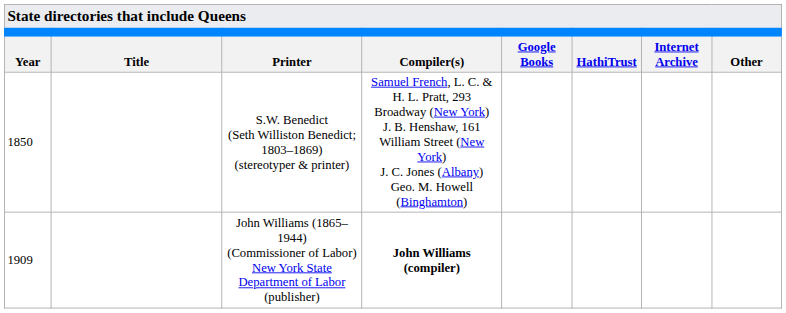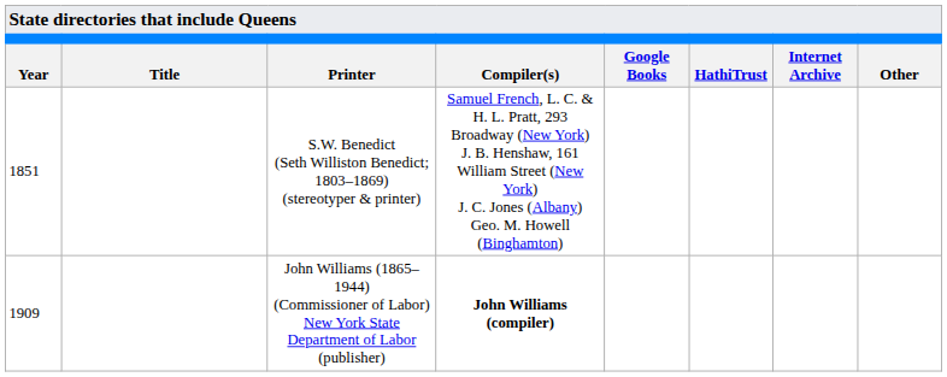 <table class="wikitable collapsible sortable static-row-numbers" cellpadding="1" style="color: black; background-color: #FFFFFF; font-size: 90%; width:100%">
 <tr class="static-row-header" style="text-align:center;vertical-align:bottom;">
 <th style="text-align:left; background:#eaecf0; border-style: solid; border-width: 0px 0px 0px 0px;" colspan=8><big><strong>State directories that include Queens</strong></big></th>
 </tr>
 <tr class="static-row-header" style="text-align:center;vertical-align:bottom;border-style: solid; border-color: #0085ff; border-width: 10px 0px 0px 0px;">
 <th>Year</th>
 <th>Title</th>
 <th>Printer</th>
 <th>Compiler(s)</th>
 <th><a href='#'>Google<br>Books</a></th>
 <th><a href='#'>HathiTrust</a></th>
 <th><a href='#'>Internet<br>Archive</a></th>
 <th>Other</th>
 </tr>
 <tr>
-<td width="6%;" data-sort-value="1850">1850</td>
+<td width="6%;" data-sort-value="1850">1851</td>
 <td width="22%" data-sort-value="new york mercantile 1850"></td>
 <td style="text-align:center" width="18%" data-sort-value="benedict 1850">S.W. Benedict<br>(Seth Williston Benedict; 1803–1869)<br>(stereotyper & printer)</td>
 <td style="text-align:center" width="18%" data-sort-value="french 1850"><a href='#'>Samuel French</a>, L. C. & H. L. Pratt, 293 Broadway (<a href='#'>New York</a>)<br>J. B. Henshaw, 161 William Street (<a href='#'>New York</a>)<br>J. C. Jones (<a href='#'>Albany</a>)<br>Geo. M. Howell (<a href='#'>Binghamton</a>)</td>
 <td style="text-align:center" width="9%" data-sort-value="harvard 1850"><br></td>
 <td style="text-align:center" width="9%" data-sort-value="columbia 1850"></td>
 <td style="text-align:center" width="9%" data-sort-value="harvard 1850"><br></td>
 <td style="text-align:center" width="9%"></td>
 </tr>
 <tr>
 <td width="6%">1909</td>
 <td width="22%"></td>
 <td style="text-align:center" width="18%" data-sort-value="williams 1912">John Williams (1865–1944)<br>(Commissioner of Labor)<br><a href='#'>New York State Department of Labor</a><br>(publisher)</td>
 <td style="text-align:center" width="18%" data-sort-value="williams 1912"><strong>John Williams<br>(compiler)</strong></td>
 <td style="text-align:center" width="9%" data-sort-value="UC Berkeley"><br><br></td>
 <td style="text-align:center" width="9%"></td>
 <td style="text-align:center" width="9%"></td>
 <td style="text-align:center" width="9%"></td>
 </tr>
 </table>
